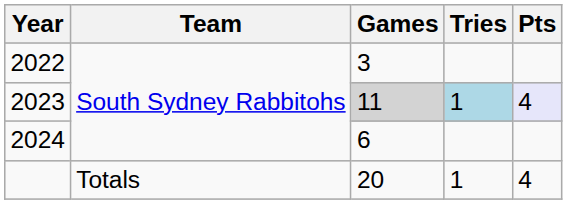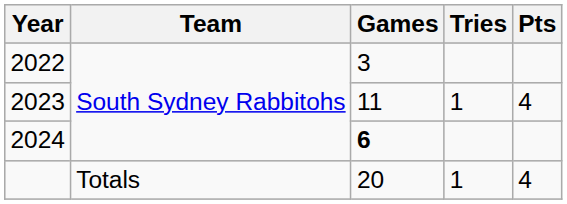 <table class="wikitable">
 <tr>
 <th>Year</th>
 <th>Team</th>
 <th>Games</th>
 <th>Tries</th>
 <th>Pts</th>
 </tr>
 <tr>
 <td>2022</td>
 <td rowspan="3"> <a href='#'>South Sydney Rabbitohs</a></td>
 <td>3</td>
 <td></td>
 <td></td>
 </tr>
 <tr>
 <td>2023</td>
-<td style="background: lightgrey;">11</td>
-<td style="background: lightblue;">1</td>
-<td style="background: lavender;">4</td>
+<td>11</td>
+<td>1</td>
+<td>4</td>
 </tr>
 <tr>
 <td>2024</td>
-<td>6</td>
+<td><strong>6</strong></td>
 <td></td>
 <td></td>
 </tr>
 <tr>
 <td></td>
 <td>Totals</td>
 <td>20</td>
 <td>1</td>
 <td>4</td>
 </tr>
 </table>
